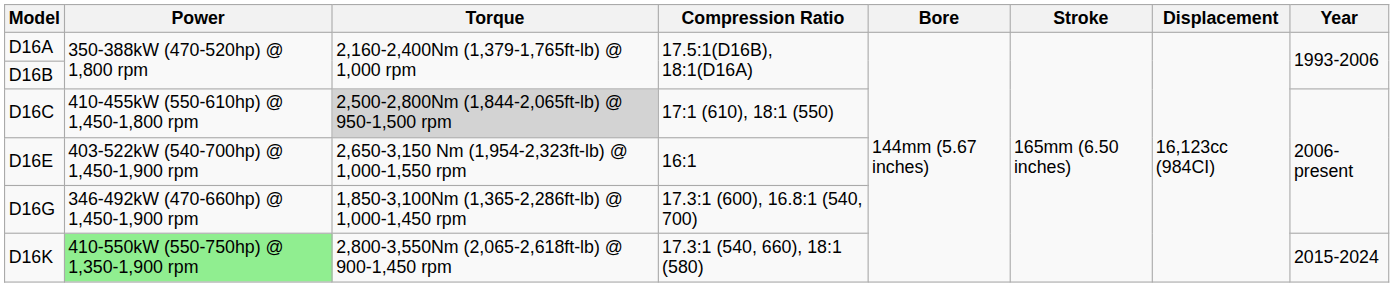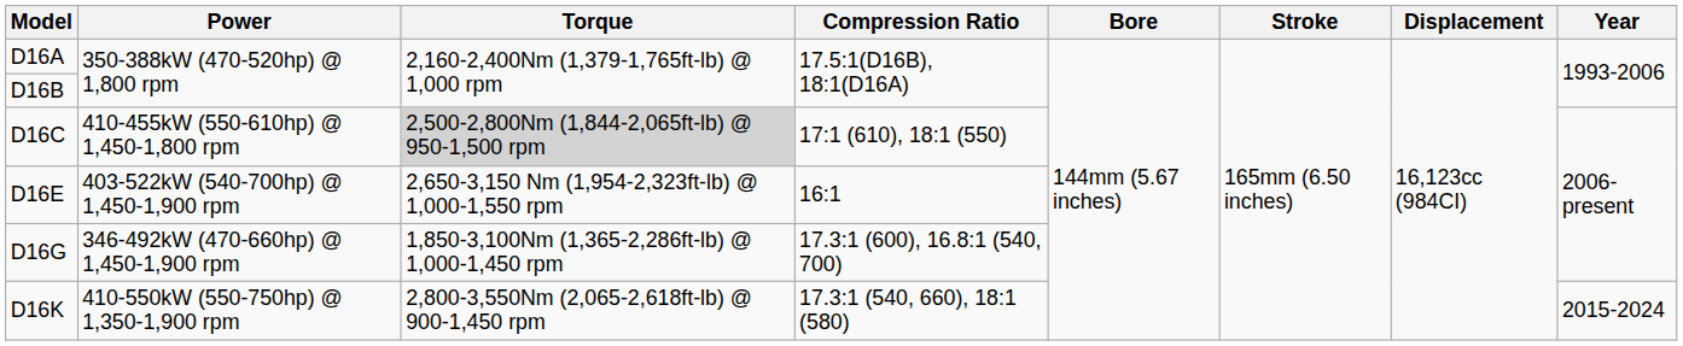 <table class="wikitable">
 <tr>
 <th>Model</th>
 <th>Power</th>
 <th>Torque</th>
 <th>Compression Ratio</th>
 <th>Bore</th>
 <th>Stroke</th>
 <th>Displacement</th>
 <th>Year</th>
 </tr>
 <tr>
 <td>D16A</td>
 <td rowspan="2">350-388kW (470-520hp) @ 1,800 rpm</td>
 <td rowspan="2">2,160-2,400Nm (1,379-1,765ft-lb) @ 1,000 rpm</td>
 <td rowspan="2">17.5:1(D16B), 18:1(D16A)</td>
 <td rowspan="6">144mm (5.67 inches)</td>
 <td rowspan="6">165mm (6.50 inches)</td>
 <td rowspan="6">16,123cc (984CI)</td>
 <td rowspan="2">1993-2006</td>
 </tr>
 <tr>
 <td>D16B</td>
 </tr>
 <tr>
 <td>D16C</td>
 <td>410-455kW (550-610hp) @ 1,450-1,800 rpm</td>
 <td style="background: lightgrey;">2,500-2,800Nm (1,844-2,065ft-lb) @ 950-1,500 rpm</td>
 <td>17:1 (610), 18:1 (550)</td>
 <td rowspan="3">2006-present</td>
 </tr>
 <tr>
 <td>D16E</td>
 <td>403-522kW (540-700hp) @ 1,450-1,900 rpm</td>
 <td>2,650-3,150 Nm (1,954-2,323ft-lb) @ 1,000-1,550 rpm</td>
 <td>16:1</td>
 </tr>
 <tr>
 <td>D16G</td>
 <td>346-492kW (470-660hp) @ 1,450-1,900 rpm</td>
 <td>1,850-3,100Nm (1,365-2,286ft-lb) @ 1,000-1,450 rpm</td>
 <td>17.3:1 (600), 16.8:1 (540, 700)</td>
 </tr>
 <tr>
 <td>D16K</td>
-<td style="background: lightgreen;">410-550kW (550-750hp) @ 1,350-1,900 rpm</td>
+<td>410-550kW (550-750hp) @ 1,350-1,900 rpm</td>
 <td>2,800-3,550Nm (2,065-2,618ft-lb) @ 900-1,450 rpm</td>
 <td>17.3:1 (540, 660), 18:1 (580)</td>
 <td>2015-2024</td>
 </tr>
 </table>
